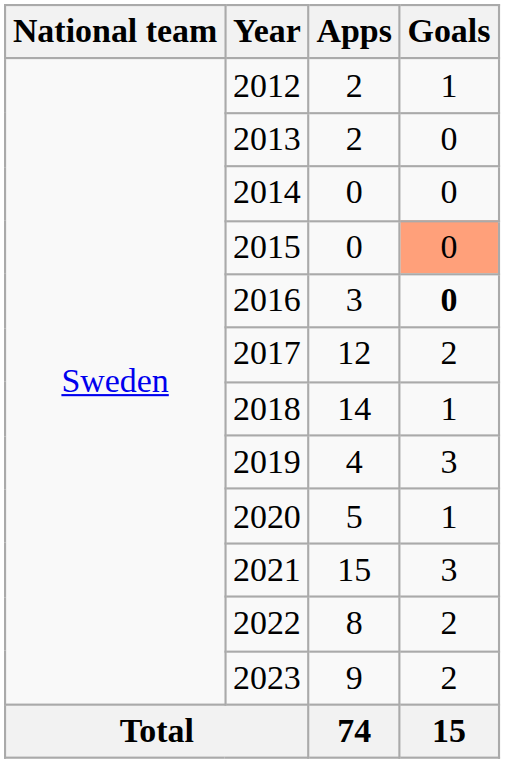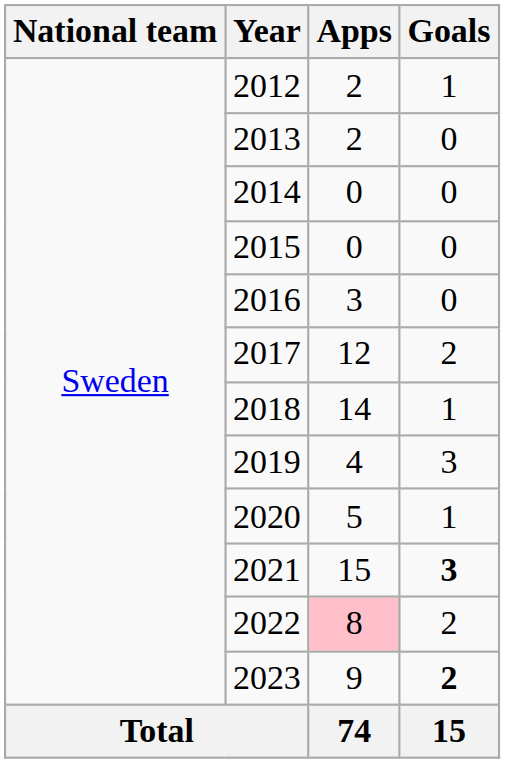 <table class="wikitable" style="text-align:center">
 <tr>
 <th>National team</th>
 <th>Year</th>
 <th>Apps</th>
 <th>Goals</th>
 </tr>
 <tr>
 <td rowspan="12"><a href='#'>Sweden</a></td>
 <td>2012</td>
 <td>2</td>
 <td>1</td>
 </tr>
 <tr>
 <td>2013</td>
 <td>2</td>
 <td>0</td>
 </tr>
 <tr>
 <td>2014</td>
 <td>0</td>
 <td>0</td>
 </tr>
 <tr>
 <td>2015</td>
 <td>0</td>
-<td style="background: lightsalmon;">0</td>
+<td>0</td>
 </tr>
 <tr>
 <td>2016</td>
 <td>3</td>
-<td><strong>0</strong></td>
+<td>0</td>
 </tr>
 <tr>
 <td>2017</td>
 <td>12</td>
 <td>2</td>
 </tr>
 <tr>
 <td>2018</td>
 <td>14</td>
 <td>1</td>
 </tr>
 <tr>
 <td>2019</td>
 <td>4</td>
 <td>3</td>
 </tr>
 <tr>
 <td>2020</td>
 <td>5</td>
 <td>1</td>
 </tr>
 <tr>
 <td>2021</td>
 <td>15</td>
-<td>3</td>
+<td><strong>3</strong></td>
 </tr>
 <tr>
 <td>2022</td>
-<td>8</td>
+<td style="background: pink;">8</td>
 <td>2</td>
 </tr>
 <tr>
 <td>2023</td>
 <td>9</td>
-<td>2</td>
+<td><strong>2</strong></td>
 </tr>
 <tr>
 <th colspan="2">Total</th>
 <th>74</th>
 <th>15</th>
 </tr>
 </table>
